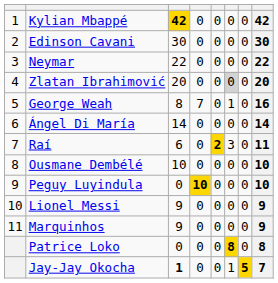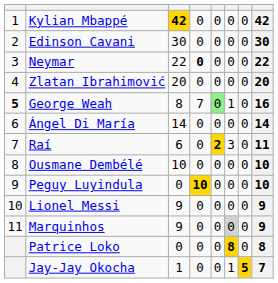 <table class="wikitable plainrowheaders sortable" style="text-align:center">
 <tr>
 <th></th>
 <th></th>
 <th></th>
 <th></th>
 <th></th>
 <th></th>
 <th></th>
 <th></th>
 </tr>
 <tr>
 <td>1</td>
 <td align="left"> <a href='#'>Kylian Mbappé</a></td>
 <td style=background:gold><strong>42</strong></td>
 <td>0</td>
 <td>0</td>
 <td>0</td>
 <td>0</td>
 <th>42</th>
 </tr>
 <tr>
 <td>2</td>
 <td align="left"> <a href='#'>Edinson Cavani</a></td>
 <td>30</td>
 <td>0</td>
 <td>0</td>
 <td>0</td>
 <td>0</td>
 <th>30</th>
 </tr>
 <tr>
 <td>3</td>
 <td align="left"> <a href='#'>Neymar</a></td>
 <td>22</td>
-<td>0</td>
+<td><strong>0</strong></td>
 <td>0</td>
 <td>0</td>
 <td>0</td>
 <th>22</th>
 </tr>
 <tr>
 <td>4</td>
 <td align="left"> <a href='#'>Zlatan Ibrahimović</a></td>
 <td>20</td>
 <td>0</td>
 <td>0</td>
-<td style="background: lightgrey;">0</td>
+<td>0</td>
 <td>0</td>
 <th>20</th>
 </tr>
 <tr>
-<td>5</td>
+<td><strong>5</strong></td>
 <td align="left"> <a href='#'>George Weah</a></td>
 <td>8</td>
 <td>7</td>
-<td>0</td>
+<td style="background: lightgreen;">0</td>
 <td>1</td>
 <td>0</td>
 <th>16</th>
 </tr>
 <tr>
 <td>6</td>
 <td align="left"> <a href='#'>Ángel Di María</a></td>
 <td>14</td>
 <td>0</td>
 <td>0</td>
 <td>0</td>
 <td>0</td>
 <th>14</th>
 </tr>
 <tr>
 <td>7</td>
 <td align="left"> <a href='#'>Raí</a></td>
 <td>6</td>
 <td>0</td>
 <td style=background:gold><strong>2</strong></td>
 <td>3</td>
 <td>0</td>
 <th>11</th>
 </tr>
 <tr>
 <td>8</td>
 <td align="left"> <a href='#'>Ousmane Dembélé</a></td>
 <td>10</td>
 <td>0</td>
 <td>0</td>
 <td>0</td>
 <td>0</td>
 <th>10</th>
 </tr>
 <tr>
 <td>9</td>
 <td align="left"> <a href='#'>Peguy Luyindula</a></td>
 <td>0</td>
 <td style=background:gold><strong>10</strong></td>
 <td>0</td>
 <td>0</td>
 <td>0</td>
 <th>10</th>
 </tr>
 <tr>
 <td>10</td>
 <td align="left"> <a href='#'>Lionel Messi</a></td>
 <td>9</td>
 <td>0</td>
 <td>0</td>
 <td>0</td>
 <td>0</td>
 <th>9</th>
 </tr>
 <tr>
 <td>11</td>
 <td align="left"> <a href='#'>Marquinhos</a></td>
 <td>9</td>
 <td>0</td>
 <td>0</td>
-<td>0</td>
+<td style="background: lightgrey;">0</td>
 <td>0</td>
 <th>9</th>
 </tr>
 <tr>
 <th></th>
 <td align="left"> <a href='#'>Patrice Loko</a></td>
 <td>0</td>
 <td>0</td>
 <td>0</td>
 <td style=background:gold><strong>8</strong></td>
 <td>0</td>
 <th>8</th>
 </tr>
 <tr>
 <th></th>
 <td align="left"> <a href='#'>Jay-Jay Okocha</a></td>
-<td><strong>1</strong></td>
+<td>1</td>
 <td>0</td>
 <td>0</td>
 <td>1</td>
 <td style=background:gold><strong>5</strong></td>
 <th>7</th>
 </tr>
 </table>
